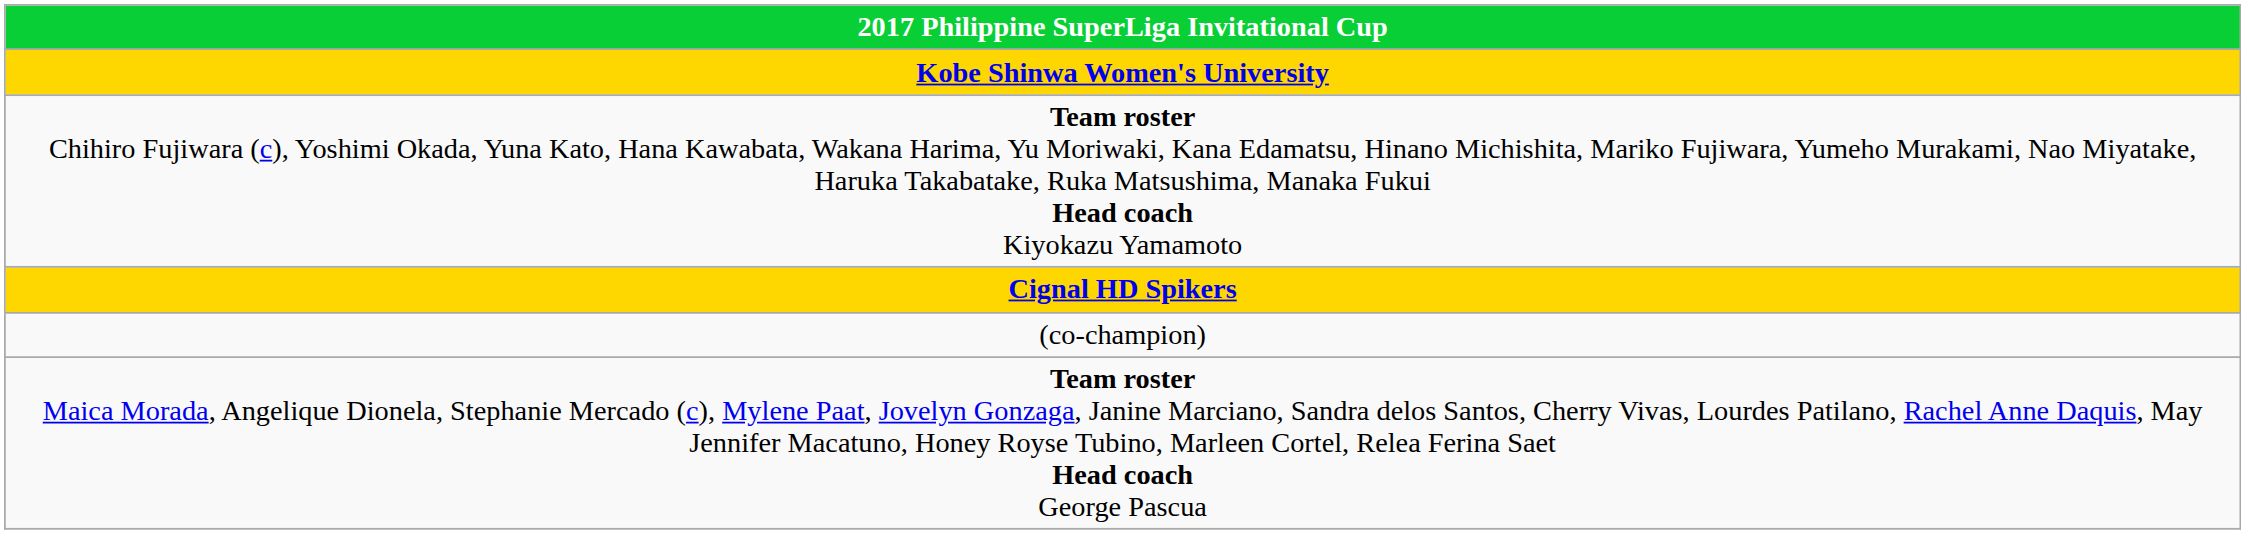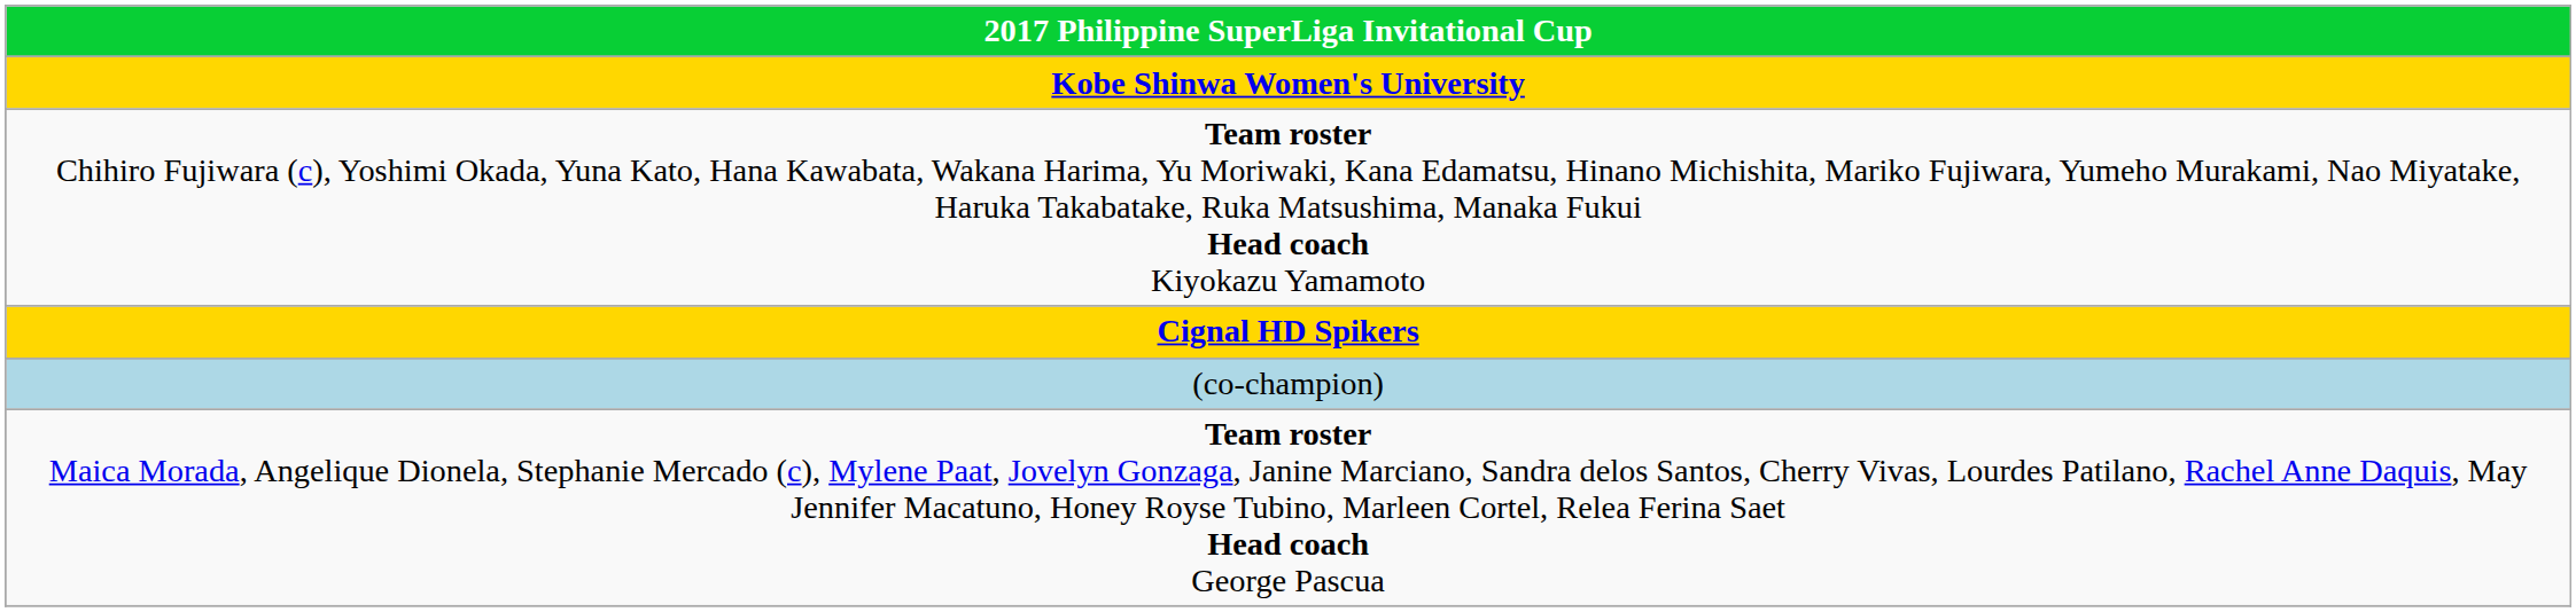 <table class=wikitable style="text-align:center; margin:auto;">
 <tr>
 <th style="background:#08CF35; color:#FFFFFF;">2017 Philippine SuperLiga Invitational Cup</th>
 </tr>
 <tr bgcolor="gold">
 <td><strong><a href='#'>Kobe Shinwa Women's University</a></strong></td>
 </tr>
 <tr>
 <td><strong>Team roster</strong><br>Chihiro Fujiwara (<a href='#'>c</a>), Yoshimi Okada, Yuna Kato, Hana Kawabata, Wakana Harima, Yu Moriwaki, Kana Edamatsu, Hinano Michishita, Mariko Fujiwara, Yumeho Murakami, Nao Miyatake, Haruka Takabatake, Ruka Matsushima, Manaka Fukui <br><strong>Head coach</strong><br>Kiyokazu Yamamoto</td>
 </tr>
 <tr bgcolor="gold">
 <td><strong><a href='#'>Cignal HD Spikers</a></strong></td>
 </tr>
 <tr>
-<td>(co-champion)</td>
+<td style="background: lightblue;">(co-champion)</td>
 </tr>
 <tr>
 <td><strong>Team roster</strong><br><a href='#'>Maica Morada</a>, Angelique Dionela, Stephanie Mercado (<a href='#'>c</a>), <a href='#'>Mylene Paat</a>, <a href='#'>Jovelyn Gonzaga</a>, Janine Marciano, Sandra delos Santos, Cherry Vivas, Lourdes Patilano, <a href='#'>Rachel Anne Daquis</a>, May Jennifer Macatuno, Honey Royse Tubino, Marleen Cortel, Relea Ferina Saet<br> <strong>Head coach</strong><br>George Pascua</td>
 </tr>
 </table>
